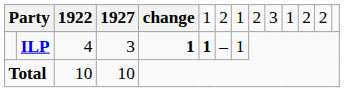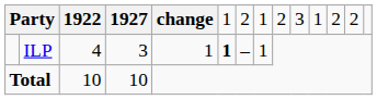 <table class="wikitable" style="text-align:right;">
 <tr>
 <th colspan="2">Party</th>
 <th>1922</th>
 <th>1927</th>
 <th>change<br></th>
 <td>1</td>
 <td>2</td>
 <td>1<br></td>
 <td>2</td>
 <td>3</td>
 <td>1<br></td>
 <td>2</td>
 <td>2</td>
 <td></td>
 </tr>
 <tr>
 <td> </td>
-<td style="text-align:left;"><strong><a href='#'>ILP</a></strong></td>
+<td style="text-align:left;"><a href='#'>ILP</a></td>
 <td>4</td>
 <td>3</td>
-<td><strong>1<br></strong></td>
+<td>1<br></td>
 <td><strong>1</strong></td>
 <td>–</td>
 <td>1</td>
 </tr>
 <tr>
 <td colspan="2" style="text-align:left;"><strong>Total</strong></td>
 <td>10</td>
 <td>10</td>
 </tr>
 </table>
